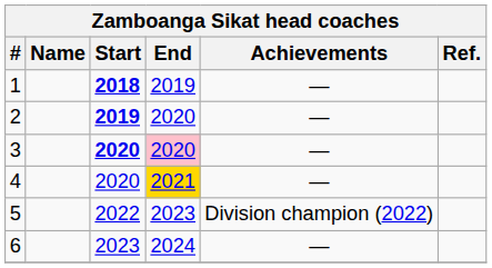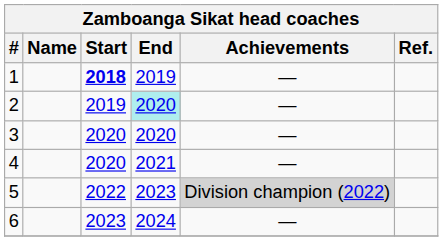 <table class="wikitable sortable">
 <tr>
 <th colspan="6">Zamboanga Sikat head coaches</th>
 </tr>
 <tr>
 <th>#</th>
 <th>Name</th>
 <th>Start</th>
 <th>End</th>
 <th>Achievements</th>
 <th>Ref.</th>
 </tr>
 <tr>
 <td align=center>1</td>
 <td></td>
 <td><strong><a href='#'>2018</a></strong></td>
 <td><a href='#'>2019</a></td>
 <td align=center>—</td>
 <td></td>
 </tr>
 <tr>
 <td align=center>2</td>
 <td></td>
-<td><strong><a href='#'>2019</a></strong></td>
-<td><a href='#'>2020</a></td>
+<td><a href='#'>2019</a></td>
+<td style="background: paleturquoise;"><a href='#'>2020</a></td>
 <td align=center>—</td>
 <td></td>
 </tr>
 <tr>
 <td align=center>3</td>
 <td></td>
-<td><strong><a href='#'>2020</a></strong></td>
-<td style="background: pink;"><a href='#'>2020</a></td>
+<td><a href='#'>2020</a></td>
+<td><a href='#'>2020</a></td>
 <td align=center>—</td>
 <td></td>
 </tr>
 <tr>
 <td align=center>4</td>
 <td></td>
 <td><a href='#'>2020</a></td>
-<td style="background: gold;"><a href='#'>2021</a></td>
+<td><a href='#'>2021</a></td>
 <td align=center>—</td>
 <td></td>
 </tr>
 <tr>
 <td align=center>5</td>
 <td></td>
 <td><a href='#'>2022</a></td>
 <td><a href='#'>2023</a></td>
-<td>Division champion (<a href='#'>2022</a>)</td>
+<td style="background: lightgrey;">Division champion (<a href='#'>2022</a>)</td>
 <td></td>
 </tr>
 <tr>
 <td align=center>6</td>
 <td></td>
 <td><a href='#'>2023</a></td>
 <td><a href='#'>2024</a></td>
 <td align=center>—</td>
 <td></td>
 </tr>
 <tr>
 </tr>
 </table>
